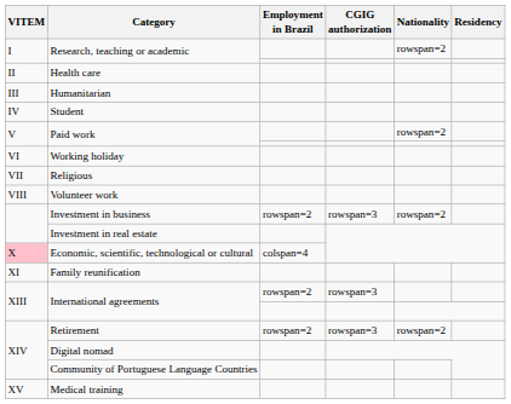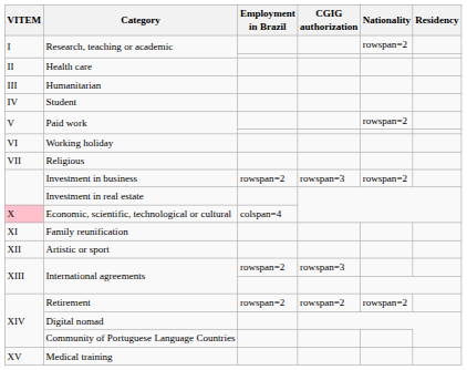 <table class="wikitable sortable" style="font-size:90%; line-height:1.3">
 <tr>
 <th>VITEM</th>
 <th>Category</th>
 <th>Employment<br>in Brazil</th>
 <th>CGIG<br>authorization</th>
 <th>Nationality</th>
 <th>Residency</th>
 </tr>
 <tr>
 <td rowspan=2>I</td>
 <td rowspan=2>Research, teaching or academic</td>
 <td></td>
 <td></td>
 <td>rowspan=2 </td>
 <td></td>
 </tr>
 <tr>
 <td></td>
 <td></td>
 <td></td>
 </tr>
 <tr>
 <td>II</td>
 <td>Health care</td>
 <td></td>
 <td></td>
 <td></td>
 <td></td>
 </tr>
 <tr>
 <td>III</td>
 <td>Humanitarian</td>
 <td></td>
 <td></td>
 <td align=center></td>
 <td></td>
 </tr>
 <tr>
 <td>IV</td>
 <td>Student</td>
 <td></td>
 <td></td>
 <td></td>
 <td></td>
 </tr>
 <tr>
 <td rowspan=2>V</td>
 <td rowspan=2>Paid work</td>
 <td></td>
 <td></td>
 <td>rowspan=2 </td>
 <td></td>
 </tr>
 <tr>
 <td></td>
 <td></td>
 <td></td>
 </tr>
 <tr>
 <td>VI</td>
 <td>Working holiday</td>
 <td></td>
 <td></td>
 <td align=center></td>
 <td></td>
 </tr>
 <tr>
 <td>VII</td>
 <td>Religious</td>
 <td></td>
 <td></td>
 <td></td>
 <td></td>
 </tr>
 <tr>
-<td>VIII</td>
-<td>Volunteer work</td>
-<td></td>
-<td></td>
-<td></td>
-<td></td>
-</tr>
-<tr>
 <td rowspan=2></td>
 <td>Investment in business</td>
 <td>rowspan=2 </td>
 <td>rowspan=3 </td>
 <td>rowspan=2 </td>
 <td></td>
 </tr>
 <tr>
 <td>Investment in real estate</td>
 <td></td>
 </tr>
 <tr>
 <td style="background: pink;">X</td>
 <td>Economic, scientific, technological or cultural</td>
 <td>colspan=4 </td>
 </tr>
 <tr>
 <td>XI</td>
 <td>Family reunification</td>
 <td></td>
 <td></td>
 <td></td>
 <td></td>
 </tr>
 <tr>
+<td>XII</td>
+<td>Artistic or sport</td>
+<td></td>
+<td></td>
+<td></td>
+<td></td>
+</tr>
+<tr>
 <td rowspan=2>XIII</td>
 <td rowspan=2>International agreements</td>
 <td>rowspan=2 </td>
 <td>rowspan=3 </td>
 <td align=center></td>
 <td></td>
 </tr>
 <tr>
 <td align=center><br></td>
 <td></td>
 </tr>
 <tr>
 <td rowspan=3>XIV</td>
 <td>Retirement</td>
 <td>rowspan=2 </td>
-<td>rowspan=3 </td>
+<td>rowspan=2 </td>
 <td>rowspan=2 </td>
 <td></td>
 </tr>
 <tr>
 <td>Digital nomad</td>
 <td></td>
 </tr>
 <tr>
 <td>Community of Portuguese Language Countries</td>
 <td></td>
 <td align=center style=max-width:8em></td>
 <td></td>
 </tr>
 <tr>
 <td>XV</td>
 <td>Medical training</td>
 <td></td>
 <td></td>
 <td></td>
 <td></td>
 </tr>
 </table>
